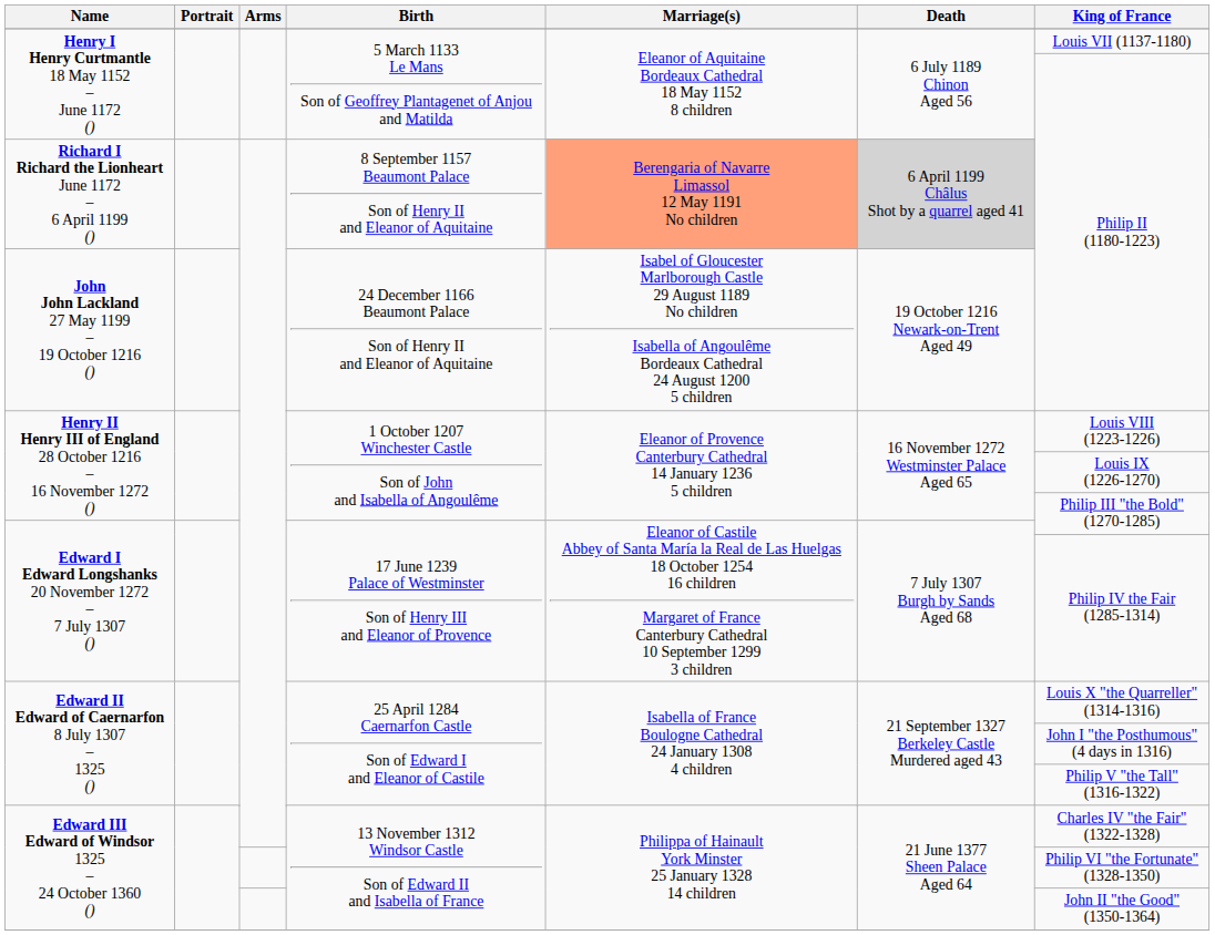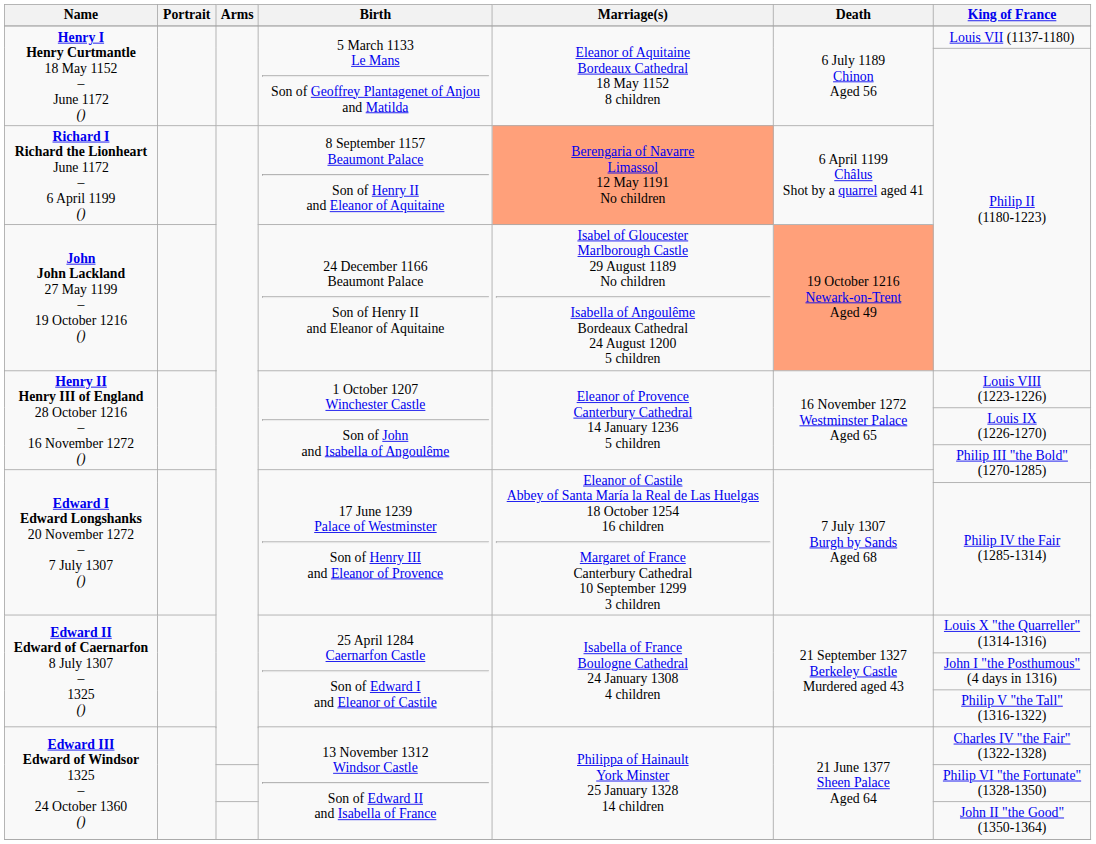 <table class="wikitable sticky-header" style="width:100%; text-align:center;">
 <tr>
 <th>Name</th>
 <th>Portrait</th>
 <th>Arms</th>
 <th>Birth</th>
 <th>Marriage(s)</th>
 <th>Death</th>
 <th><a href='#'>King of France</a></th>
 </tr>
 <tr>
 </tr>
 <tr>
 <td rowspan = "2"><strong><a href='#'>Henry I</a></strong><br><strong>Henry Curtmantle</strong><br>18 May 1152<br>–<br>June 1172<br><em>()</em></td>
 <td rowspan = "2"></td>
 <td rowspan = "2"></td>
 <td rowspan = "2">5 March 1133<br><a href='#'>Le Mans</a><hr>Son of <a href='#'>Geoffrey Plantagenet of Anjou</a><br>and <a href='#'>Matilda</a></td>
 <td rowspan = "2"><a href='#'>Eleanor of Aquitaine</a><br><a href='#'>Bordeaux Cathedral</a><br>18 May 1152<br>8 children</td>
 <td rowspan = "2">6 July 1189<br><a href='#'>Chinon</a><br>Aged 56</td>
 <td><a href='#'>Louis VII</a> (1137-1180)</td>
 </tr>
 <tr>
 <td rowspan = "4"><a href='#'>Philip II</a><br>(1180-1223)</td>
 </tr>
 <tr>
 <td><strong><a href='#'>Richard I</a></strong><br><strong>Richard the Lionheart</strong><br>June 1172<br>–<br>6 April 1199<br><em>()</em></td>
 <td></td>
 <td rowspan="14"><br></td>
 <td>8 September 1157<br><a href='#'>Beaumont Palace</a><hr>Son of <a href='#'>Henry II</a><br>and <a href='#'>Eleanor of Aquitaine</a></td>
 <td style="background: lightsalmon;"><a href='#'>Berengaria of Navarre</a><br><a href='#'>Limassol</a><br>12 May 1191<br>No children</td>
-<td style="background: lightgrey;">6 April 1199<br><a href='#'>Châlus</a><br>Shot by a <a href='#'>quarrel</a> aged 41</td>
+<td>6 April 1199<br><a href='#'>Châlus</a><br>Shot by a <a href='#'>quarrel</a> aged 41</td>
 </tr>
 <tr>
 <td><strong><a href='#'>John</a></strong><br><strong>John Lackland</strong><br>27 May 1199<br>–<br>19 October 1216<br><em>()</em></td>
 <td></td>
 <td>24 December 1166<br>Beaumont Palace<hr>Son of Henry II<br>and Eleanor of Aquitaine</td>
 <td> <a href='#'>Isabel of Gloucester</a><br><a href='#'>Marlborough Castle</a><br>29 August 1189<br>No children<hr> <a href='#'>Isabella of Angoulême</a><br>Bordeaux Cathedral<br>24 August 1200<br>5 children</td>
-<td>19 October 1216<br><a href='#'>Newark-on-Trent</a><br>Aged 49</td>
+<td style="background: lightsalmon;">19 October 1216<br><a href='#'>Newark-on-Trent</a><br>Aged 49</td>
 </tr>
 <tr>
 <td rowspan = "4"><strong><a href='#'>Henry II</a></strong><br><strong>Henry III of England</strong><br>28 October 1216<br>–<br>16 November 1272<br><em>()</em></td>
 <td rowspan = "4"></td>
 <td rowspan = "4">1 October 1207<br><a href='#'>Winchester Castle</a><hr>Son of <a href='#'>John</a><br>and <a href='#'>Isabella of Angoulême</a></td>
 <td rowspan = "4"><a href='#'>Eleanor of Provence</a><br><a href='#'>Canterbury Cathedral</a><br>14 January 1236<br>5 children</td>
 <td rowspan = "4">16 November 1272<br><a href='#'>Westminster Palace</a><br>Aged 65</td>
 </tr>
 <tr>
 <td><a href='#'>Louis VIII</a><br> (1223-1226)</td>
 </tr>
 <tr>
 <td><a href='#'>Louis IX</a><br> (1226-1270)</td>
 </tr>
 <tr>
 <td rowspan="2"><a href='#'>Philip III "the Bold"</a><br> (1270-1285)</td>
 </tr>
 <tr>
 <td rowspan="2"><strong><a href='#'>Edward I</a></strong><br><strong>Edward Longshanks</strong><br>20 November 1272<br>–<br>7 July 1307<br><em>()</em></td>
 <td rowspan="2"></td>
 <td rowspan="2">17 June 1239<br><a href='#'>Palace of Westminster</a><hr>Son of <a href='#'>Henry III</a><br>and <a href='#'>Eleanor of Provence</a></td>
 <td rowspan="2"> <a href='#'>Eleanor of Castile</a><br><a href='#'>Abbey of Santa María la Real de Las Huelgas</a><br>18 October 1254<br>16 children<hr> <a href='#'>Margaret of France</a><br>Canterbury Cathedral<br>10 September 1299<br>3 children</td>
 <td rowspan="2">7 July 1307<br><a href='#'>Burgh by Sands</a><br>Aged 68</td>
 </tr>
 <tr>
 <td rowspan="2"><a href='#'>Philip IV the Fair</a><br>(1285-1314)</td>
 </tr>
 <tr>
 <td rowspan="5"><strong><a href='#'>Edward II</a></strong><br><strong>Edward of Caernarfon</strong><br>8 July 1307<br>–<br>1325<br><em>()</em></td>
 <td rowspan="5"></td>
 <td rowspan="5">25 April 1284<br><a href='#'>Caernarfon Castle</a><hr>Son of <a href='#'>Edward I</a><br>and <a href='#'>Eleanor of Castile</a></td>
 <td rowspan="5"><a href='#'>Isabella of France</a><br><a href='#'>Boulogne Cathedral</a><br>24 January 1308<br>4 children</td>
 <td rowspan="5">21 September 1327<br><a href='#'>Berkeley Castle</a><br>Murdered aged 43</td>
 </tr>
 <tr>
 <td><a href='#'>Louis X "the Quarreller"</a><br> (1314-1316)</td>
 </tr>
 <tr>
 <td><a href='#'>John I "the Posthumous"</a><br> (4 days in 1316)</td>
 </tr>
 <tr>
 <td><a href='#'>Philip V "the Tall"</a><br> (1316-1322)</td>
 </tr>
 <tr>
 <td rowspan="2"><a href='#'>Charles IV "the Fair"</a><br> (1322-1328)</td>
 </tr>
 <tr>
 <td rowspan="3"><strong><a href='#'>Edward III</a></strong><br><strong>Edward of Windsor</strong><br>1325<br>–<br>24 October 1360<br><em>()</em></td>
 <td rowspan="3"></td>
 <td rowspan="3">13 November 1312<br><a href='#'>Windsor Castle</a><hr>Son of <a href='#'>Edward II</a><br>and <a href='#'>Isabella of France</a></td>
 <td rowspan="3"><a href='#'>Philippa of Hainault</a><br><a href='#'>York Minster</a><br>25 January 1328<br>14 children</td>
 <td rowspan="3">21 June 1377<br><a href='#'>Sheen Palace</a><br>Aged 64</td>
 </tr>
 <tr>
 <td><br></td>
 <td><a href='#'>Philip VI "the Fortunate"</a><br>(1328-1350)</td>
 </tr>
 <tr>
 <td><br></td>
 <td><a href='#'>John II "the Good"</a><br>(1350-1364)</td>
 </tr>
 <tr>
 </tr>
 </table>
